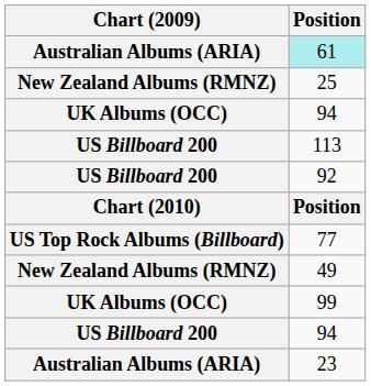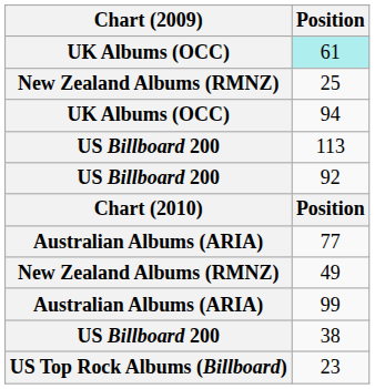 <table class="wikitable plainrowheaders">
 <tr>
 <th>Chart (2009)</th>
 <th>Position</th>
 </tr>
 <tr>
-<th scope="row">Australian Albums (ARIA)</th>
+<th scope="row">UK Albums (OCC)</th>
 <td align="center" style="background: paleturquoise;">61</td>
 </tr>
 <tr>
 <th scope="row">New Zealand Albums (RMNZ)</th>
 <td align="center">25</td>
 </tr>
 <tr>
 <th scope="row">UK Albums (OCC)</th>
 <td align="center">94</td>
 </tr>
 <tr>
 <th scope="row">US <em>Billboard</em> 200</th>
 <td align="center">113</td>
 </tr>
 <tr>
 <th scope="row">US <em>Billboard</em> 200</th>
 <td align="center">92</td>
 </tr>
 <tr>
 <th>Chart (2010)</th>
 <th>Position</th>
 </tr>
 <tr>
-<th scope="row">US Top Rock Albums (<em>Billboard</em>)</th>
+<th scope="row">Australian Albums (ARIA)</th>
 <td align="center">77</td>
 </tr>
 <tr>
 <th scope="row">New Zealand Albums (RMNZ)</th>
 <td align="center">49</td>
 </tr>
 <tr>
-<th scope="row">UK Albums (OCC)</th>
+<th scope="row">Australian Albums (ARIA)</th>
 <td align="center">99</td>
 </tr>
 <tr>
 <th scope="row">US <em>Billboard</em> 200</th>
-<td align="center">94</td>
+<td align="center">38</td>
 </tr>
 <tr>
-<th scope="row">Australian Albums (ARIA)</th>
+<th scope="row">US Top Rock Albums (<em>Billboard</em>)</th>
 <td align="center">23</td>
 </tr>
 </table>
